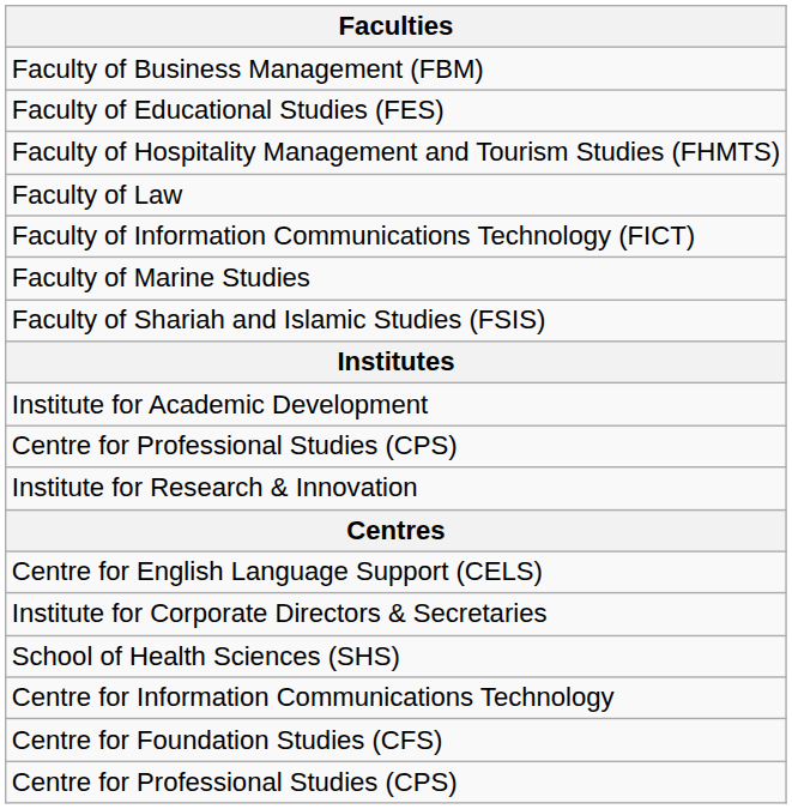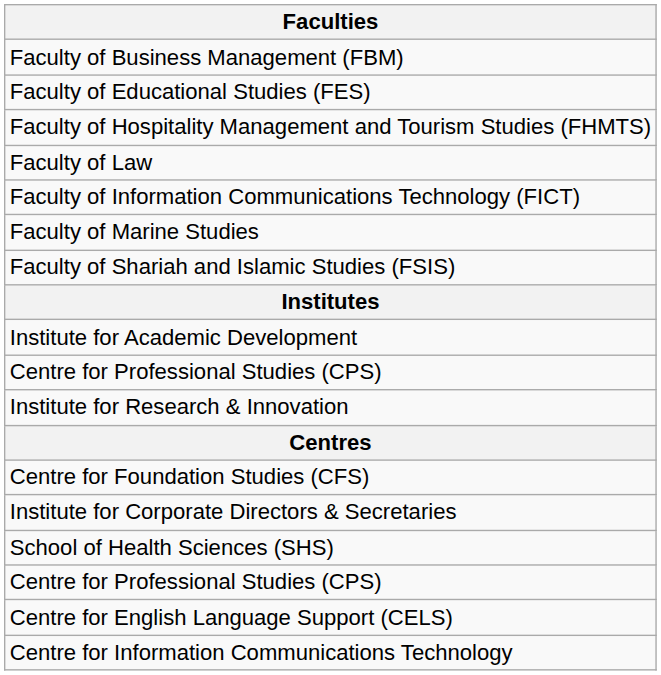 <table class="wikitable">
 <tr>
 <th>Faculties</th>
 </tr>
 <tr>
 <td>Faculty of Business Management (FBM)</td>
 </tr>
 <tr>
 <td>Faculty of Educational Studies (FES)</td>
 </tr>
 <tr>
 <td>Faculty of Hospitality Management and Tourism Studies (FHMTS)</td>
 </tr>
 <tr>
 <td>Faculty of Law</td>
 </tr>
 <tr>
 <td>Faculty of Information Communications Technology (FICT)</td>
 </tr>
 <tr>
 <td>Faculty of Marine Studies</td>
 </tr>
 <tr>
 <td>Faculty of Shariah and Islamic Studies (FSIS)</td>
 </tr>
 <tr>
 <th>Institutes</th>
 </tr>
 <tr>
 <td>Institute for Academic Development</td>
 </tr>
 <tr>
 <td>Centre for Professional Studies (CPS)</td>
 </tr>
 <tr>
 <td>Institute for Research & Innovation</td>
 </tr>
 <tr>
 <th>Centres</th>
 </tr>
 <tr>
-<td>Centre for English Language Support (CELS)</td>
+<td>Centre for Foundation Studies (CFS)</td>
 </tr>
 <tr>
 <td>Institute for Corporate Directors & Secretaries</td>
 </tr>
 <tr>
 <td>School of Health Sciences (SHS)</td>
 </tr>
 <tr>
+<td>Centre for Professional Studies (CPS)</td>
+</tr>
+<tr>
+<td>Centre for English Language Support (CELS)</td>
+</tr>
+<tr>
 <td>Centre for Information Communications Technology</td>
 </tr>
-<tr>
-<td>Centre for Foundation Studies (CFS)</td>
-</tr>
-<tr>
-<td>Centre for Professional Studies (CPS)</td>
-</tr>
 </table>
